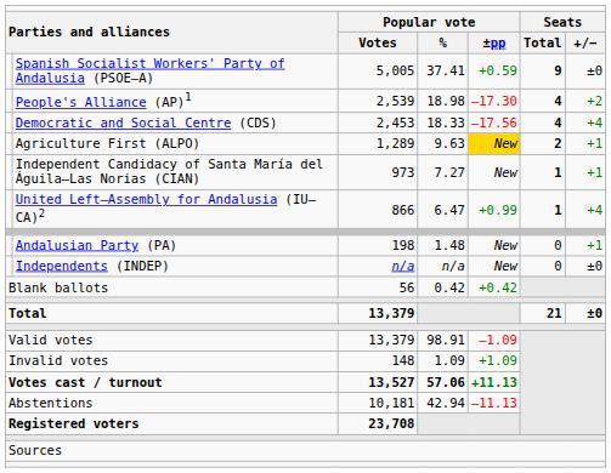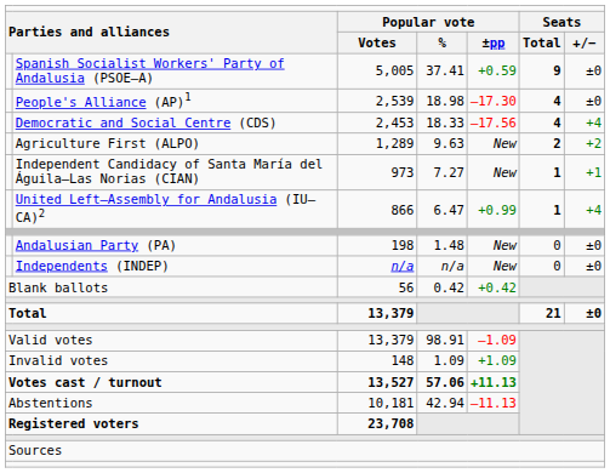 <table class="wikitable" style="text-align:right;">
 <tr>
 <td colspan="7"></td>
 </tr>
 <tr>
 <th style="text-align:left;" rowspan="2" colspan="2" width="525">Parties and alliances</th>
 <th colspan="3">Popular vote</th>
 <th colspan="2">Seats</th>
 </tr>
 <tr>
 <th width="75">Votes</th>
 <th width="45">%</th>
 <th width="45">±<a href='#'>pp</a></th>
 <th width="35">Total</th>
 <th width="35">+/−</th>
 </tr>
 <tr>
 <td width="1" style="color:inherit;background:"></td>
 <td align="left"><a href='#'>Spanish Socialist Workers' Party of Andalusia</a> (PSOE–A)</td>
 <td>5,005</td>
 <td>37.41</td>
 <td style="color:green;">+0.59</td>
 <td><strong>9</strong></td>
 <td>±0</td>
 </tr>
 <tr>
 <td style="color:inherit;background:"></td>
 <td align="left"><a href='#'>People's Alliance</a> (AP)<sup>1</sup></td>
 <td>2,539</td>
 <td>18.98</td>
 <td style="color:red;">–17.30</td>
 <td><strong>4</strong></td>
-<td style="color:green;">+2</td>
+<td>±0</td>
 </tr>
 <tr>
 <td style="color:inherit;background:"></td>
 <td align="left"><a href='#'>Democratic and Social Centre</a> (CDS)</td>
 <td>2,453</td>
 <td>18.33</td>
 <td style="color:red;">–17.56</td>
 <td><strong>4</strong></td>
 <td style="color:green;">+4</td>
 </tr>
 <tr>
 <td style="color:inherit;background:"></td>
 <td align="left">Agriculture First (ALPO)</td>
 <td>1,289</td>
 <td>9.63</td>
-<td style="background: gold;"><em>New</em></td>
+<td><em>New</em></td>
 <td><strong>2</strong></td>
-<td style="color:green;">+1</td>
+<td style="color:green;">+2</td>
 </tr>
 <tr>
 <td style="color:inherit;background:"></td>
 <td align="left">Independent Candidacy of Santa María del Águila–Las Norias (CIAN)</td>
 <td>973</td>
 <td>7.27</td>
 <td><em>New</em></td>
 <td><strong>1</strong></td>
 <td style="color:green;">+1</td>
 </tr>
 <tr>
 <td style="color:inherit;background:"></td>
 <td align="left"><a href='#'>United Left–Assembly for Andalusia</a> (IU–CA)<sup>2</sup></td>
 <td>866</td>
 <td>6.47</td>
 <td style="color:green;">+0.99</td>
 <td><strong>1</strong></td>
 <td style="color:green;">+4</td>
 </tr>
 <tr>
 <td colspan="7" bgcolor="#C0C0C0"></td>
 </tr>
 <tr>
 <td style="color:inherit;background:"></td>
 <td align="left"><a href='#'>Andalusian Party</a> (PA)</td>
 <td>198</td>
 <td>1.48</td>
 <td><em>New</em></td>
 <td>0</td>
-<td style="color:green;">+1</td>
+<td>±0</td>
 </tr>
 <tr>
 <td style="color:inherit;background:"></td>
 <td align="left"><a href='#'>Independents</a> (INDEP)</td>
 <td><em><a href='#'>n/a</a></em></td>
 <td><em>n/a</em></td>
 <td><em>New</em></td>
 <td>0</td>
 <td>±0</td>
 </tr>
 <tr>
 <td align="left" colspan="2">Blank ballots</td>
 <td>56</td>
 <td>0.42</td>
 <td style="color:green;">+0.42</td>
 <td bgcolor="#E9E9E9" colspan="2"></td>
 </tr>
 <tr>
 <td colspan="7" bgcolor="#E9E9E9"></td>
 </tr>
 <tr style="font-weight:bold;">
 <td align="left" colspan="2">Total</td>
 <td>13,379</td>
 <td bgcolor="#E9E9E9" colspan="2"></td>
 <td>21</td>
 <td>±0</td>
 </tr>
 <tr>
 <td colspan="7" bgcolor="#E9E9E9"></td>
 </tr>
 <tr>
 <td align="left" colspan="2">Valid votes</td>
 <td>13,379</td>
 <td>98.91</td>
 <td style="color:red;">–1.09</td>
 <td bgcolor="#E9E9E9" colspan="2" rowspan="5"></td>
 </tr>
 <tr>
 <td align="left" colspan="2">Invalid votes</td>
 <td>148</td>
 <td>1.09</td>
 <td style="color:green;">+1.09</td>
 </tr>
 <tr style="font-weight:bold;">
 <td align="left" colspan="2">Votes cast / turnout</td>
 <td>13,527</td>
 <td>57.06</td>
 <td style="color:green;">+11.13</td>
 </tr>
 <tr>
 <td align="left" colspan="2">Abstentions</td>
 <td>10,181</td>
 <td>42.94</td>
 <td style="color:red;">–11.13</td>
 </tr>
 <tr style="font-weight:bold;">
 <td align="left" colspan="2">Registered voters</td>
 <td>23,708</td>
 <td bgcolor="#E9E9E9" colspan="2"></td>
 </tr>
 <tr>
 <td colspan="7" bgcolor="#E9E9E9"></td>
 </tr>
 <tr>
 <td align="left" colspan="7">Sources</td>
 </tr>
 <tr>
 <td colspan="7" style="text-align:left; max-width:790px;"></td>
 </tr>
 </table>
